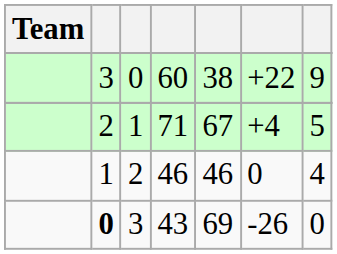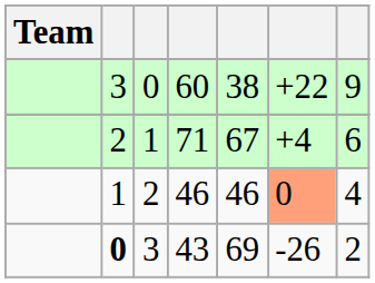 <table class="wikitable">
 <tr>
 <th>Team</th>
 <th></th>
 <th></th>
 <th></th>
 <th></th>
 <th></th>
 <th></th>
 </tr>
 <tr>
 </tr>
 <tr bgcolor=#cfc>
 <td></td>
 <td>3</td>
 <td>0</td>
 <td>60</td>
 <td>38</td>
 <td>+22</td>
 <td>9</td>
 </tr>
 <tr>
 </tr>
 <tr bgcolor=#cfc>
 <td></td>
 <td>2</td>
 <td>1</td>
 <td>71</td>
 <td>67</td>
 <td>+4</td>
-<td>5</td>
+<td>6</td>
 </tr>
 <tr>
 <td></td>
 <td>1</td>
 <td>2</td>
 <td>46</td>
 <td>46</td>
-<td>0</td>
+<td style="background: lightsalmon;">0</td>
 <td>4</td>
 </tr>
 <tr>
 <td></td>
 <td><strong>0</strong></td>
 <td>3</td>
 <td>43</td>
 <td>69</td>
 <td>-26</td>
-<td>0</td>
+<td>2</td>
 </tr>
 </table>
